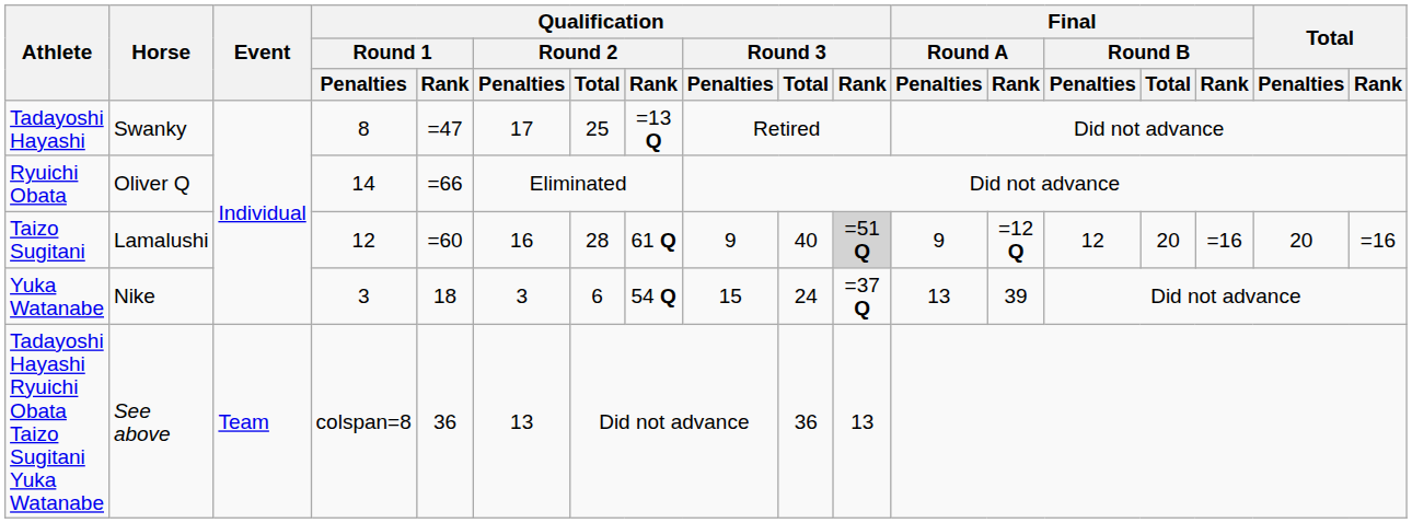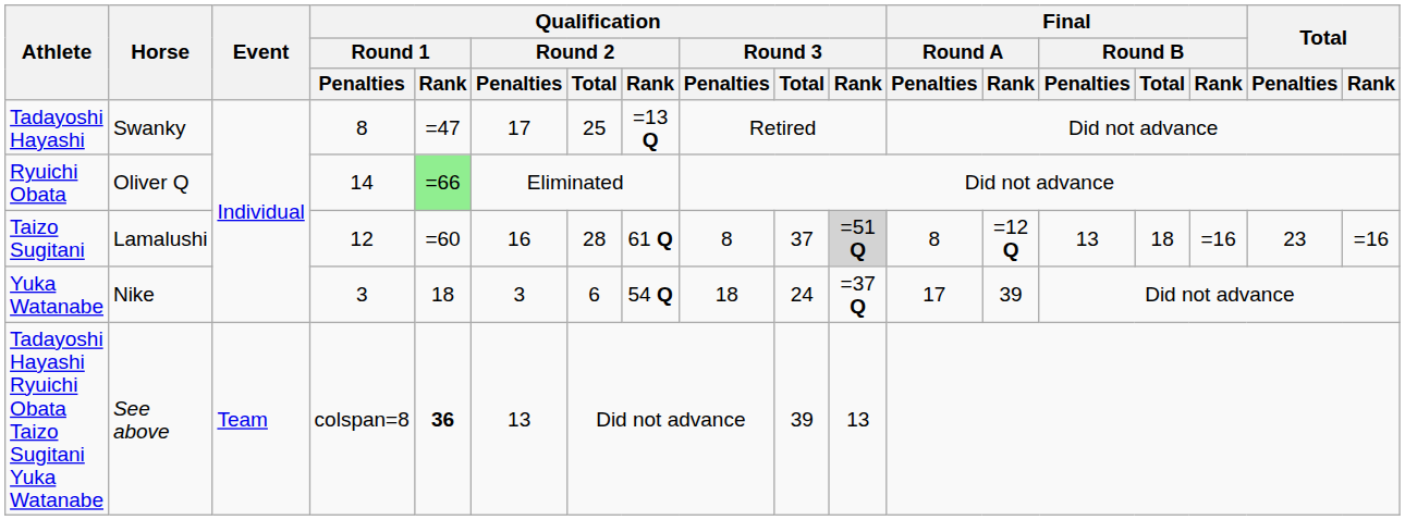 <table class="wikitable" style="font-size:90%">
 <tr>
 <th rowspan="3">Athlete</th>
 <th rowspan="3">Horse</th>
 <th rowspan="3">Event</th>
 <th colspan="8">Qualification</th>
 <th colspan="5">Final</th>
 <th rowspan=2 colspan="2">Total</th>
 </tr>
 <tr style="font-size:95%">
 <th colspan="2">Round 1</th>
 <th colspan="3">Round 2</th>
 <th colspan="3">Round 3</th>
 <th colspan="2">Round A</th>
 <th colspan="3">Round B</th>
 </tr>
 <tr style="font-size:95%">
 <th>Penalties</th>
 <th>Rank</th>
 <th>Penalties</th>
 <th>Total</th>
 <th>Rank</th>
 <th>Penalties</th>
 <th>Total</th>
 <th>Rank</th>
 <th>Penalties</th>
 <th>Rank</th>
 <th>Penalties</th>
 <th>Total</th>
 <th>Rank</th>
 <th>Penalties</th>
 <th>Rank</th>
 </tr>
 <tr align=center>
 <td align=left><a href='#'>Tadayoshi Hayashi</a></td>
 <td align=left>Swanky</td>
 <td align=left rowspan=4><a href='#'>Individual</a></td>
 <td>8</td>
 <td>=47</td>
 <td>17</td>
 <td>25</td>
 <td>=13 <strong>Q</strong></td>
 <td colspan=3>Retired</td>
 <td colspan=7>Did not advance</td>
 </tr>
 <tr align=center>
 <td align=left><a href='#'>Ryuichi Obata</a></td>
 <td align=left>Oliver Q</td>
 <td>14</td>
-<td>=66</td>
+<td style="background: lightgreen;">=66</td>
 <td colspan=3>Eliminated</td>
 <td colspan=10>Did not advance</td>
 </tr>
 <tr align=center>
 <td align=left><a href='#'>Taizo Sugitani</a></td>
 <td align=left>Lamalushi</td>
 <td>12</td>
 <td>=60</td>
 <td>16</td>
 <td>28</td>
 <td>61 <strong>Q</strong></td>
-<td>9</td>
-<td>40</td>
+<td>8</td>
+<td>37</td>
 <td style="background: lightgrey;">=51 <strong>Q</strong></td>
-<td>9</td>
+<td>8</td>
 <td>=12 <strong>Q</strong></td>
-<td>12</td>
-<td>20</td>
+<td>13</td>
+<td>18</td>
 <td>=16</td>
-<td>20</td>
+<td>23</td>
 <td>=16</td>
 </tr>
 <tr align=center>
 <td align=left><a href='#'>Yuka Watanabe</a></td>
 <td align=left>Nike</td>
 <td>3</td>
 <td>18</td>
 <td>3</td>
 <td>6</td>
 <td>54 <strong>Q</strong></td>
-<td>15</td>
+<td>18</td>
 <td>24</td>
 <td>=37 <strong>Q</strong></td>
-<td>13</td>
+<td>17</td>
 <td>39</td>
 <td colspan=5>Did not advance</td>
 </tr>
 <tr align=center>
 <td align=left><a href='#'>Tadayoshi Hayashi</a><br><a href='#'>Ryuichi Obata</a><br><a href='#'>Taizo Sugitani</a><br><a href='#'>Yuka Watanabe</a></td>
 <td align=left><em>See above</em></td>
 <td align=left><a href='#'>Team</a></td>
 <td>colspan=8 </td>
-<td>36</td>
+<td><strong>36</strong></td>
 <td>13</td>
 <td colspan=3>Did not advance</td>
-<td>36</td>
+<td>39</td>
 <td>13</td>
 </tr>
 </table>
